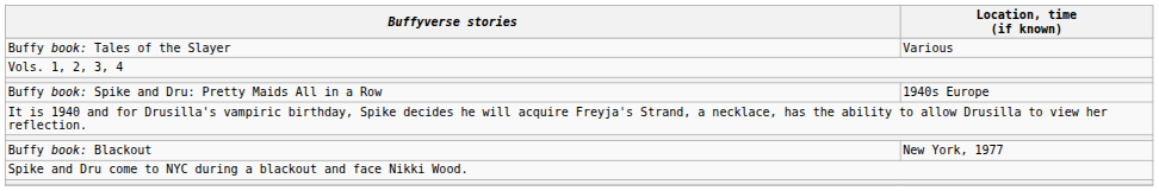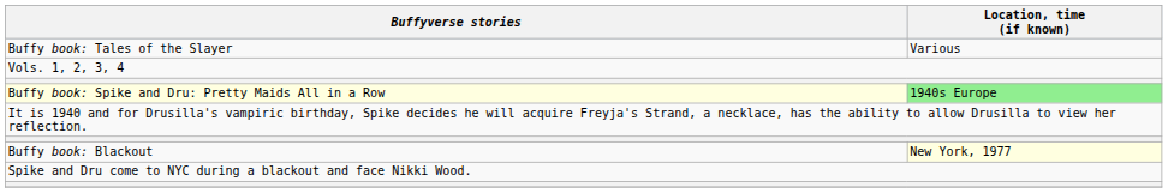 <table class="wikitable">
 <tr bgcolor="lightsteelblue" align=left>
 <th><strong><em>Buffyverse<em> stories<strong></th>
 <th></strong>Location, time<strong> <br>  (if known)</th>
 </tr>
 <tr>
 <td></em>Buffy<em> book: </em>Tales of the Slayer<em></td>
 <td>Various</td>
 </tr>
 <tr>
 <td colspan="4">Vols. 1, 2, 3, 4</td>
 </tr>
 <tr>
 <td colspan="6" bgcolor="#f2f2f2"></td>
 </tr>
 <tr>
-<td></em>Buffy<em> book: </em>Spike and Dru: Pretty Maids All in a Row<em></td>
-<td>1940s Europe</td>
+<td style="background: lightyellow;"></em>Buffy<em> book: </em>Spike and Dru: Pretty Maids All in a Row<em></td>
+<td style="background: lightgreen;">1940s Europe</td>
 </tr>
 <tr>
 <td colspan="4">It is 1940 and for Drusilla's vampiric birthday, Spike decides he will acquire Freyja's Strand, a necklace, has the ability to allow Drusilla to view her reflection.</td>
 </tr>
 <tr>
 <td colspan="6" bgcolor="#f2f2f2"></td>
 </tr>
 <tr>
 <td></em>Buffy<em> book: </em>Blackout<em></td>
-<td>New York, 1977</td>
+<td style="background: lightyellow;">New York, 1977</td>
 </tr>
 <tr>
 <td colspan="4">Spike and Dru come to NYC during a blackout and face Nikki Wood.</td>
 </tr>
 <tr>
 <td colspan="6" bgcolor="#f2f2f2"></td>
 </tr>
 <tr>
 </tr>
 </table>
